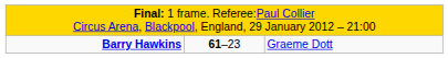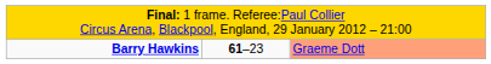 <table class="wikitable" style="font-size: 95%; margin: 1em auto 1em auto;">
 <tr>
 <td colspan="3" align="center" bgcolor="#ffd700"><strong>Final:</strong> 1 frame. Referee:<a href='#'>Paul Collier</a><br><a href='#'>Circus Arena</a>, <a href='#'>Blackpool</a>, England, 29 January 2012 – 21:00</td>
 </tr>
 <tr>
 <td width="230" align="right"><strong><a href='#'>Barry Hawkins</a></strong><br></td>
 <td width="100" align="center"><strong>61</strong>–23</td>
-<td width="230"><a href='#'>Graeme Dott</a><br></td>
+<td width="230" style="background: lightsalmon;"><a href='#'>Graeme Dott</a><br></td>
 </tr>
 </table>
